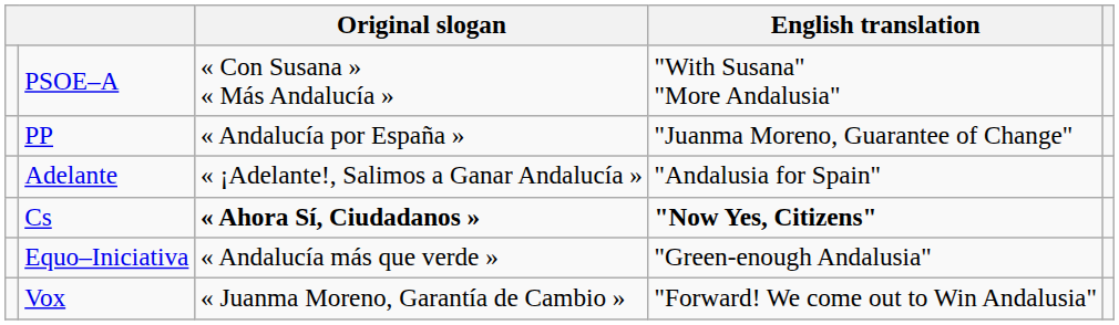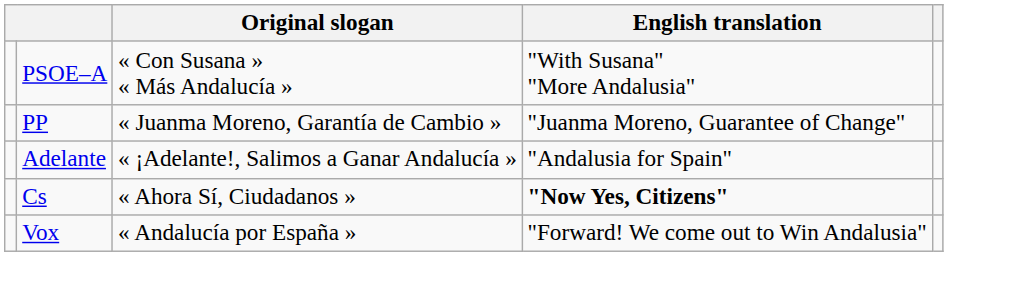 <table class="wikitable" style="text-align:left;">
 <tr>
 <th style="text-align:left;" colspan="2"></th>
 <th>Original slogan</th>
 <th>English translation</th>
 <th></th>
 </tr>
 <tr>
 <td width="1" style="color:inherit;background:"></td>
 <td><a href='#'>PSOE–A</a></td>
 <td>« Con Susana »<br>« Más Andalucía »</td>
 <td>"With Susana"<br>"More Andalusia"</td>
 <td></td>
 </tr>
 <tr>
 <td style="color:inherit;background:"></td>
 <td><a href='#'>PP</a></td>
-<td>« Andalucía por España »</td>
+<td>« Juanma Moreno, Garantía de Cambio »</td>
 <td>"Juanma Moreno, Guarantee of Change"</td>
 <td></td>
 </tr>
 <tr>
 <td style="color:inherit;background:"></td>
 <td><a href='#'>Adelante</a></td>
 <td>« ¡Adelante!, Salimos a Ganar Andalucía »</td>
 <td>"Andalusia for Spain"</td>
 <td></td>
 </tr>
 <tr>
 <td style="color:inherit;background:"></td>
 <td><a href='#'>Cs</a></td>
-<td><strong>« Ahora Sí, Ciudadanos »</strong></td>
+<td>« Ahora Sí, Ciudadanos »</td>
 <td><strong>"Now Yes, Citizens"</strong></td>
 <td></td>
 </tr>
 <tr>
 <td style="color:inherit;background:"></td>
-<td><a href='#'>Equo–Iniciativa</a></td>
-<td>« Andalucía más que verde »</td>
-<td>"Green-enough Andalusia"</td>
-<td></td>
-</tr>
-<tr>
-<td style="color:inherit;background:"></td>
 <td><a href='#'>Vox</a></td>
-<td>« Juanma Moreno, Garantía de Cambio »</td>
+<td>« Andalucía por España »</td>
 <td>"Forward! We come out to Win Andalusia"</td>
 <td></td>
 </tr>
 </table>
